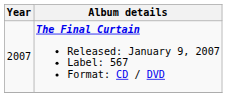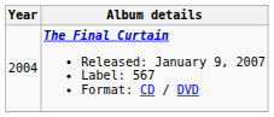 <table class ="wikitable">
 <tr>
 <th>Year</th>
 <th>Album details</th>
 </tr>
 <tr>
-<td>2007</td>
+<td>2004</td>
 <td><strong><em><a href='#'>The Final Curtain</a></em></strong><br><ul><li>Released: January 9, 2007</li><li>Label: 567</li><li>Format: <a href='#'>CD</a> / <a href='#'>DVD</a></li></ul></td>
 </tr>
 <tr>
 </tr>
 </table>
